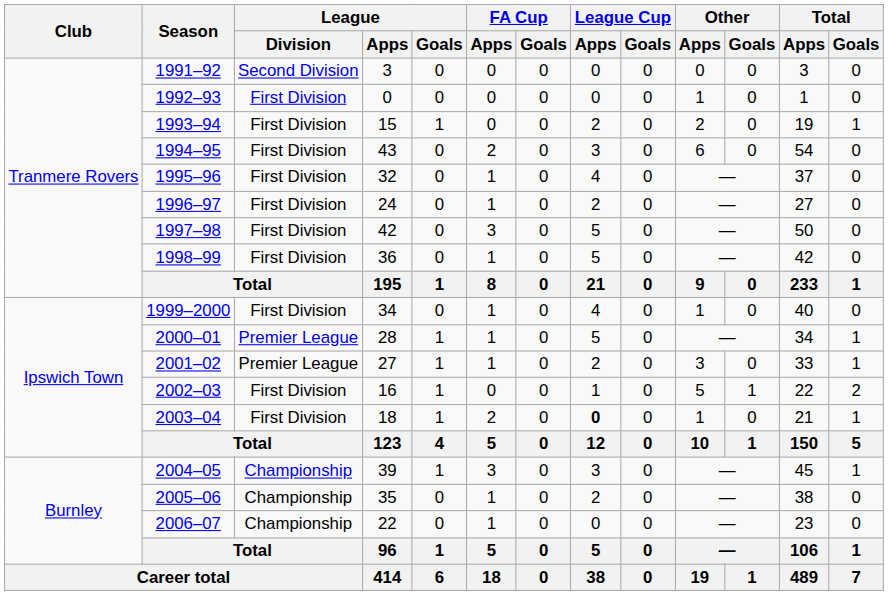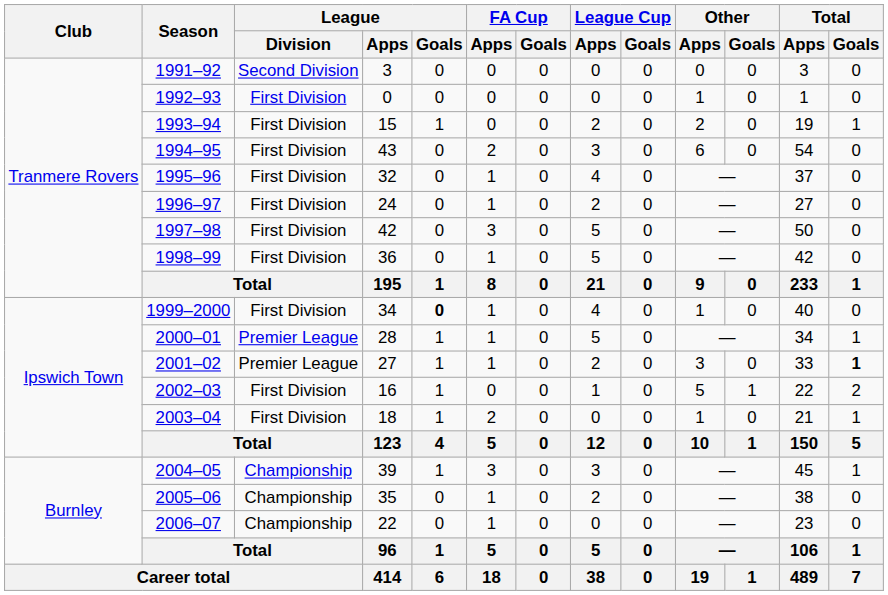 <table class=wikitable style=text-align:center>
 <tr>
 <th rowspan="2">Club</th>
 <th rowspan="2">Season</th>
 <th colspan="3">League</th>
 <th colspan="2"><a href='#'>FA Cup</a></th>
 <th colspan="2"><a href='#'>League Cup</a></th>
 <th colspan="2">Other</th>
 <th colspan="2">Total</th>
 </tr>
 <tr>
 <th>Division</th>
 <th>Apps</th>
 <th>Goals</th>
 <th>Apps</th>
 <th>Goals</th>
 <th>Apps</th>
 <th>Goals</th>
 <th>Apps</th>
 <th>Goals</th>
 <th>Apps</th>
 <th>Goals</th>
 </tr>
 <tr>
 <td rowspan="9"><a href='#'>Tranmere Rovers</a></td>
 <td><a href='#'>1991–92</a></td>
 <td><a href='#'>Second Division</a></td>
 <td>3</td>
 <td>0</td>
 <td>0</td>
 <td>0</td>
 <td>0</td>
 <td>0</td>
 <td>0</td>
 <td>0</td>
 <td>3</td>
 <td>0</td>
 </tr>
 <tr>
 <td><a href='#'>1992–93</a></td>
 <td><a href='#'>First Division</a></td>
 <td>0</td>
 <td>0</td>
 <td>0</td>
 <td>0</td>
 <td>0</td>
 <td>0</td>
 <td>1</td>
 <td>0</td>
 <td>1</td>
 <td>0</td>
 </tr>
 <tr>
 <td><a href='#'>1993–94</a></td>
 <td>First Division</td>
 <td>15</td>
 <td>1</td>
 <td>0</td>
 <td>0</td>
 <td>2</td>
 <td>0</td>
 <td>2</td>
 <td>0</td>
 <td>19</td>
 <td>1</td>
 </tr>
 <tr>
 <td><a href='#'>1994–95</a></td>
 <td>First Division</td>
 <td>43</td>
 <td>0</td>
 <td>2</td>
 <td>0</td>
 <td>3</td>
 <td>0</td>
 <td>6</td>
 <td>0</td>
 <td>54</td>
 <td>0</td>
 </tr>
 <tr>
 <td><a href='#'>1995–96</a></td>
 <td>First Division</td>
 <td>32</td>
 <td>0</td>
 <td>1</td>
 <td>0</td>
 <td>4</td>
 <td>0</td>
 <td colspan="2">—</td>
 <td>37</td>
 <td>0</td>
 </tr>
 <tr>
 <td><a href='#'>1996–97</a></td>
 <td>First Division</td>
 <td>24</td>
 <td>0</td>
 <td>1</td>
 <td>0</td>
 <td>2</td>
 <td>0</td>
 <td colspan="2">—</td>
 <td>27</td>
 <td>0</td>
 </tr>
 <tr>
 <td><a href='#'>1997–98</a></td>
 <td>First Division</td>
 <td>42</td>
 <td>0</td>
 <td>3</td>
 <td>0</td>
 <td>5</td>
 <td>0</td>
 <td colspan="2">—</td>
 <td>50</td>
 <td>0</td>
 </tr>
 <tr>
 <td><a href='#'>1998–99</a></td>
 <td>First Division</td>
 <td>36</td>
 <td>0</td>
 <td>1</td>
 <td>0</td>
 <td>5</td>
 <td>0</td>
 <td colspan="2">—</td>
 <td>42</td>
 <td>0</td>
 </tr>
 <tr>
 <th colspan="2">Total</th>
 <th>195</th>
 <th>1</th>
 <th>8</th>
 <th>0</th>
 <th>21</th>
 <th>0</th>
 <th>9</th>
 <th>0</th>
 <th>233</th>
 <th>1</th>
 </tr>
 <tr>
 <td rowspan="6"><a href='#'>Ipswich Town</a></td>
 <td><a href='#'>1999–2000</a></td>
 <td>First Division</td>
 <td>34</td>
-<td>0</td>
+<td><strong>0</strong></td>
 <td>1</td>
 <td>0</td>
 <td>4</td>
 <td>0</td>
 <td>1</td>
 <td>0</td>
 <td>40</td>
 <td>0</td>
 </tr>
 <tr>
 <td><a href='#'>2000–01</a></td>
 <td><a href='#'>Premier League</a></td>
 <td>28</td>
 <td>1</td>
 <td>1</td>
 <td>0</td>
 <td>5</td>
 <td>0</td>
 <td colspan="2">—</td>
 <td>34</td>
 <td>1</td>
 </tr>
 <tr>
 <td><a href='#'>2001–02</a></td>
 <td>Premier League</td>
 <td>27</td>
 <td>1</td>
 <td>1</td>
 <td>0</td>
 <td>2</td>
 <td>0</td>
 <td>3</td>
 <td>0</td>
 <td>33</td>
-<td>1</td>
+<td><strong>1</strong></td>
 </tr>
 <tr>
 <td><a href='#'>2002–03</a></td>
 <td>First Division</td>
 <td>16</td>
 <td>1</td>
 <td>0</td>
 <td>0</td>
 <td>1</td>
 <td>0</td>
 <td>5</td>
 <td>1</td>
 <td>22</td>
 <td>2</td>
 </tr>
 <tr>
 <td><a href='#'>2003–04</a></td>
 <td>First Division</td>
 <td>18</td>
 <td>1</td>
 <td>2</td>
 <td>0</td>
-<td><strong>0</strong></td>
+<td>0</td>
 <td>0</td>
 <td>1</td>
 <td>0</td>
 <td>21</td>
 <td>1</td>
 </tr>
 <tr>
 <th colspan="2">Total</th>
 <th>123</th>
 <th>4</th>
 <th>5</th>
 <th>0</th>
 <th>12</th>
 <th>0</th>
 <th>10</th>
 <th>1</th>
 <th>150</th>
 <th>5</th>
 </tr>
 <tr>
 <td rowspan="4"><a href='#'>Burnley</a></td>
 <td><a href='#'>2004–05</a></td>
 <td><a href='#'>Championship</a></td>
 <td>39</td>
 <td>1</td>
 <td>3</td>
 <td>0</td>
 <td>3</td>
 <td>0</td>
 <td colspan="2">—</td>
 <td>45</td>
 <td>1</td>
 </tr>
 <tr>
 <td><a href='#'>2005–06</a></td>
 <td>Championship</td>
 <td>35</td>
 <td>0</td>
 <td>1</td>
 <td>0</td>
 <td>2</td>
 <td>0</td>
 <td colspan="2">—</td>
 <td>38</td>
 <td>0</td>
 </tr>
 <tr>
 <td><a href='#'>2006–07</a></td>
 <td>Championship</td>
 <td>22</td>
 <td>0</td>
 <td>1</td>
 <td>0</td>
 <td>0</td>
 <td>0</td>
 <td colspan="2">—</td>
 <td>23</td>
 <td>0</td>
 </tr>
 <tr>
 <th colspan="2">Total</th>
 <th>96</th>
 <th>1</th>
 <th>5</th>
 <th>0</th>
 <th>5</th>
 <th>0</th>
 <th colspan="2">—</th>
 <th>106</th>
 <th>1</th>
 </tr>
 <tr>
 <th colspan="3">Career total</th>
 <th>414</th>
 <th>6</th>
 <th>18</th>
 <th>0</th>
 <th>38</th>
 <th>0</th>
 <th>19</th>
 <th>1</th>
 <th>489</th>
 <th>7</th>
 </tr>
 </table>
